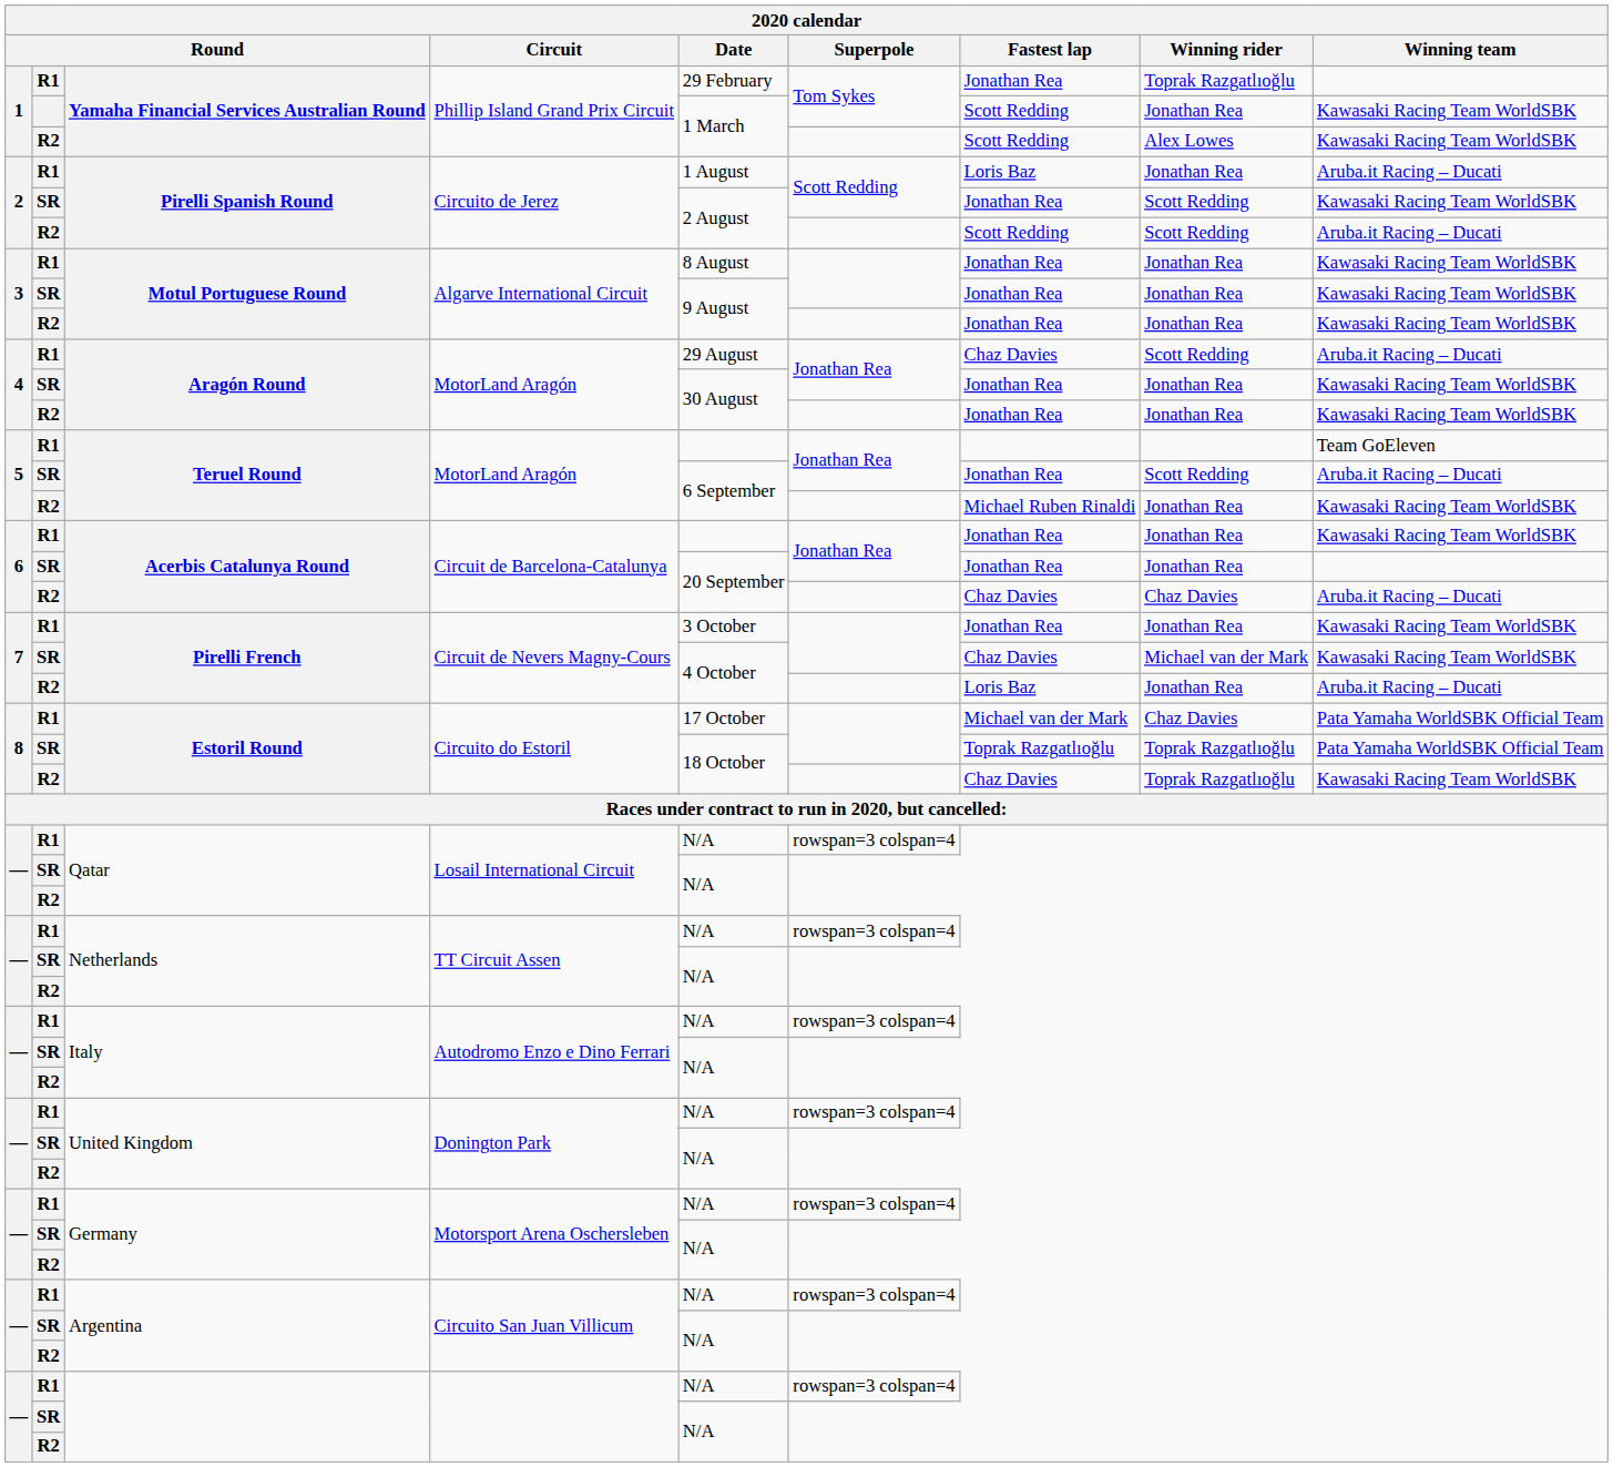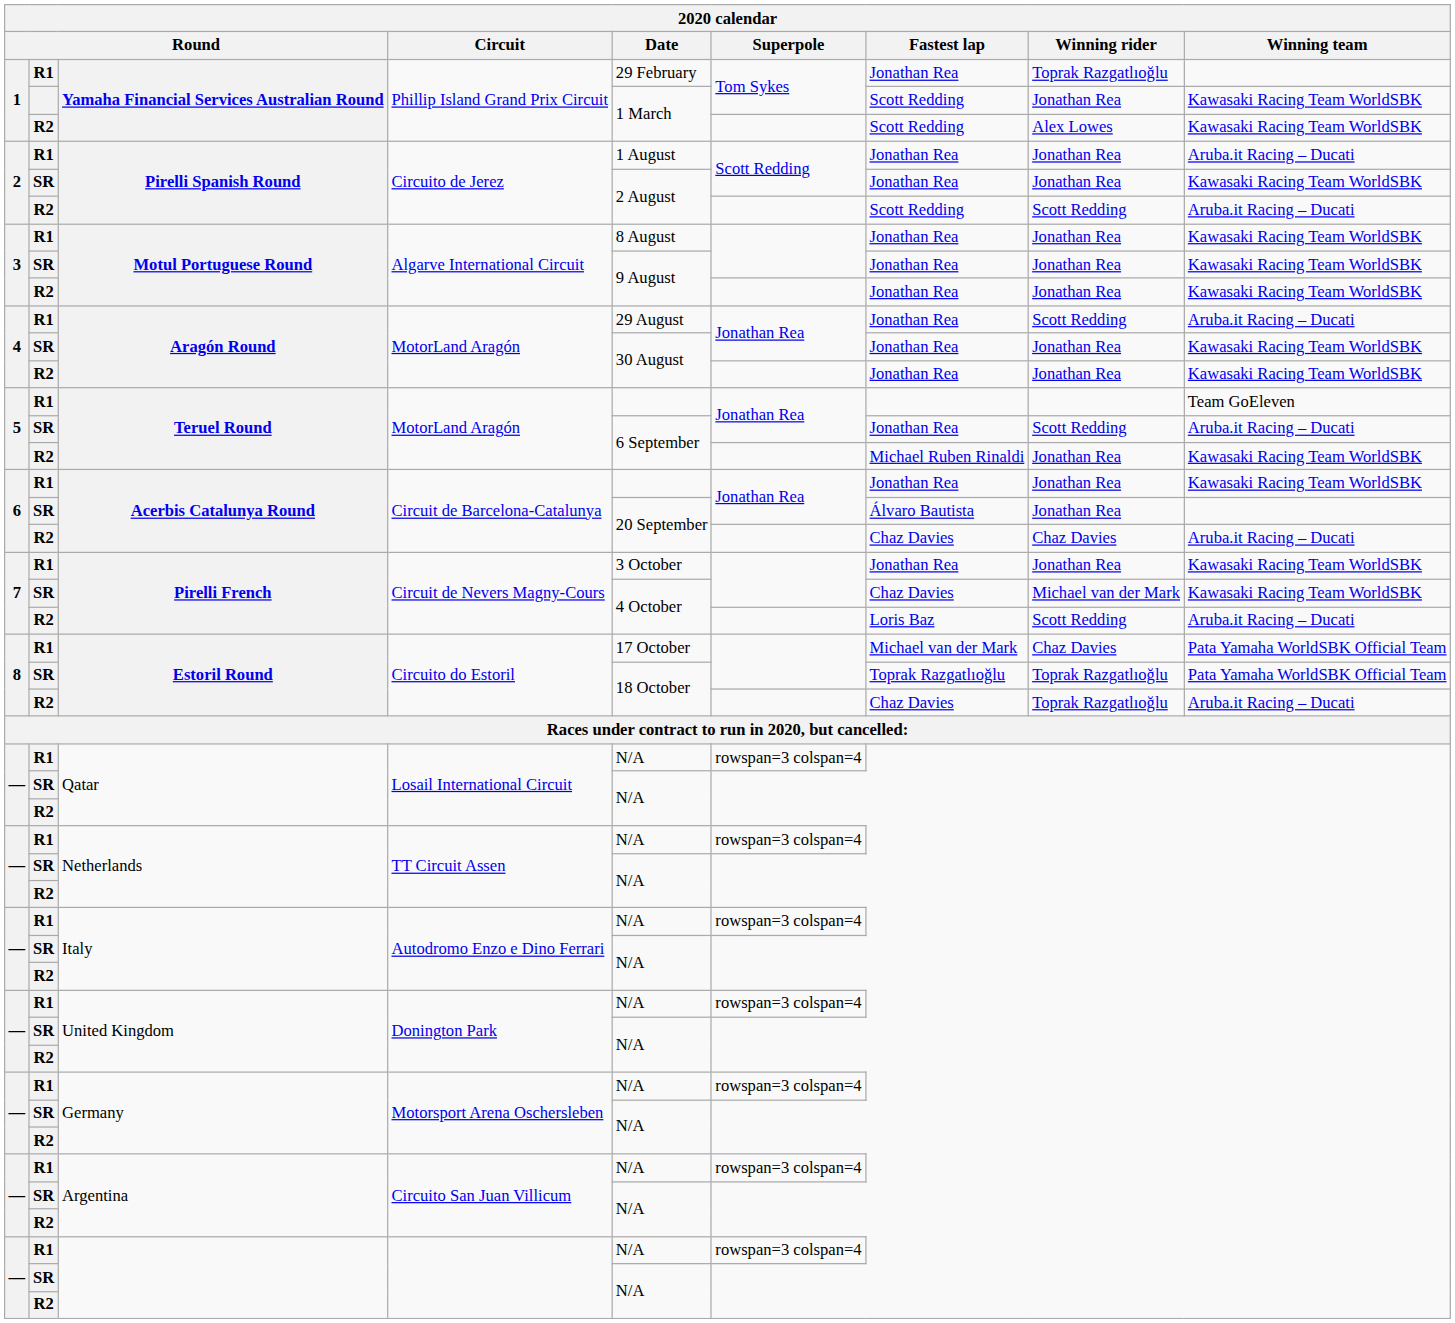 <table class="wikitable" style="font-size: 85%">
 <tr>
 <th colspan=9>2020 calendar</th>
 </tr>
 <tr>
 <th colspan=3>Round</th>
 <th>Circuit</th>
 <th>Date</th>
 <th>Superpole</th>
 <th>Fastest lap</th>
 <th>Winning rider</th>
 <th>Winning team</th>
 </tr>
 <tr>
 <th rowspan=3>1</th>
 <th>R1</th>
 <th rowspan=3 nowrap> <a href='#'>Yamaha Financial Services Australian Round</a></th>
 <td rowspan=3><a href='#'>Phillip Island Grand Prix Circuit</a></td>
 <td>29 February</td>
 <td rowspan=2> <a href='#'>Tom Sykes</a></td>
 <td> <a href='#'>Jonathan Rea</a></td>
 <td> <a href='#'>Toprak Razgatlıoğlu</a></td>
 <td></td>
 </tr>
 <tr>
 <th></th>
 <td rowspan=2>1 March</td>
 <td> <a href='#'>Scott Redding</a></td>
 <td> <a href='#'>Jonathan Rea</a></td>
 <td><a href='#'>Kawasaki Racing Team WorldSBK</a></td>
 </tr>
 <tr>
 <th>R2</th>
 <td></td>
 <td> <a href='#'>Scott Redding</a></td>
 <td> <a href='#'>Alex Lowes</a></td>
 <td><a href='#'>Kawasaki Racing Team WorldSBK</a></td>
 </tr>
 <tr>
 <th rowspan=3>2</th>
 <th>R1</th>
 <th rowspan=3> <a href='#'>Pirelli Spanish Round</a></th>
 <td rowspan=3><a href='#'>Circuito de Jerez</a></td>
 <td>1 August</td>
 <td rowspan=2> <a href='#'>Scott Redding</a></td>
-<td> <a href='#'>Loris Baz</a></td>
+<td> <a href='#'>Jonathan Rea</a></td>
 <td> <a href='#'>Jonathan Rea</a></td>
 <td><a href='#'>Aruba.it Racing – Ducati</a></td>
 </tr>
 <tr>
 <th>SR</th>
 <td rowspan=2>2 August</td>
 <td> <a href='#'>Jonathan Rea</a></td>
-<td> <a href='#'>Scott Redding</a></td>
+<td> <a href='#'>Jonathan Rea</a></td>
 <td><a href='#'>Kawasaki Racing Team WorldSBK</a></td>
 </tr>
 <tr>
 <th>R2</th>
 <td></td>
 <td> <a href='#'>Scott Redding</a></td>
 <td> <a href='#'>Scott Redding</a></td>
 <td><a href='#'>Aruba.it Racing – Ducati</a></td>
 </tr>
 <tr>
 <th rowspan=3>3</th>
 <th>R1</th>
 <th rowspan=3> <a href='#'>Motul Portuguese Round</a></th>
 <td rowspan=3><a href='#'>Algarve International Circuit</a></td>
 <td>8 August</td>
 <td rowspan=2></td>
 <td> <a href='#'>Jonathan Rea</a></td>
 <td> <a href='#'>Jonathan Rea</a></td>
 <td><a href='#'>Kawasaki Racing Team WorldSBK</a></td>
 </tr>
 <tr>
 <th>SR</th>
 <td rowspan=2>9 August</td>
 <td> <a href='#'>Jonathan Rea</a></td>
 <td> <a href='#'>Jonathan Rea</a></td>
 <td><a href='#'>Kawasaki Racing Team WorldSBK</a></td>
 </tr>
 <tr>
 <th>R2</th>
 <td></td>
 <td> <a href='#'>Jonathan Rea</a></td>
 <td> <a href='#'>Jonathan Rea</a></td>
 <td><a href='#'>Kawasaki Racing Team WorldSBK</a></td>
 </tr>
 <tr>
 <th rowspan=3>4</th>
 <th>R1</th>
 <th rowspan=3> <a href='#'>Aragón Round</a></th>
 <td rowspan=3><a href='#'>MotorLand Aragón</a></td>
 <td>29 August</td>
 <td rowspan=2> <a href='#'>Jonathan Rea</a></td>
-<td> <a href='#'>Chaz Davies</a></td>
+<td> <a href='#'>Jonathan Rea</a></td>
 <td> <a href='#'>Scott Redding</a></td>
 <td><a href='#'>Aruba.it Racing – Ducati</a></td>
 </tr>
 <tr>
 <th>SR</th>
 <td rowspan=2>30 August</td>
 <td> <a href='#'>Jonathan Rea</a></td>
 <td> <a href='#'>Jonathan Rea</a></td>
 <td><a href='#'>Kawasaki Racing Team WorldSBK</a></td>
 </tr>
 <tr>
 <th>R2</th>
 <td></td>
 <td> <a href='#'>Jonathan Rea</a></td>
 <td> <a href='#'>Jonathan Rea</a></td>
 <td><a href='#'>Kawasaki Racing Team WorldSBK</a></td>
 </tr>
 <tr>
 <th rowspan=3>5</th>
 <th>R1</th>
 <th rowspan=3> <a href='#'>Teruel Round</a></th>
 <td rowspan=3><a href='#'>MotorLand Aragón</a></td>
 <td></td>
 <td rowspan=2> <a href='#'>Jonathan Rea</a></td>
 <td></td>
 <td></td>
 <td>Team GoEleven</td>
 </tr>
 <tr>
 <th>SR</th>
 <td rowspan=2>6 September</td>
 <td> <a href='#'>Jonathan Rea</a></td>
 <td> <a href='#'>Scott Redding</a></td>
 <td><a href='#'>Aruba.it Racing – Ducati</a></td>
 </tr>
 <tr>
 <th>R2</th>
 <td></td>
 <td> <a href='#'>Michael Ruben Rinaldi</a></td>
 <td> <a href='#'>Jonathan Rea</a></td>
 <td><a href='#'>Kawasaki Racing Team WorldSBK</a></td>
 </tr>
 <tr>
 <th rowspan=3>6</th>
 <th>R1</th>
 <th rowspan=3> <a href='#'>Acerbis Catalunya Round</a></th>
 <td rowspan=3><a href='#'>Circuit de Barcelona-Catalunya</a></td>
 <td></td>
 <td rowspan=2> <a href='#'>Jonathan Rea</a></td>
 <td> <a href='#'>Jonathan Rea</a></td>
 <td> <a href='#'>Jonathan Rea</a></td>
 <td><a href='#'>Kawasaki Racing Team WorldSBK</a></td>
 </tr>
 <tr>
 <th>SR</th>
 <td rowspan=2>20 September</td>
-<td> <a href='#'>Jonathan Rea</a></td>
+<td> <a href='#'>Álvaro Bautista</a></td>
 <td> <a href='#'>Jonathan Rea</a></td>
 <td></td>
 </tr>
 <tr>
 <th>R2</th>
 <td></td>
 <td> <a href='#'>Chaz Davies</a></td>
 <td> <a href='#'>Chaz Davies</a></td>
 <td><a href='#'>Aruba.it Racing – Ducati</a></td>
 </tr>
 <tr>
 <th rowspan=3>7</th>
 <th>R1</th>
 <th rowspan=3> <a href='#'>Pirelli French</a></th>
 <td rowspan=3><a href='#'>Circuit de Nevers Magny-Cours</a></td>
 <td>3 October</td>
 <td rowspan=2></td>
 <td> <a href='#'>Jonathan Rea</a></td>
 <td> <a href='#'>Jonathan Rea</a></td>
 <td><a href='#'>Kawasaki Racing Team WorldSBK</a></td>
 </tr>
 <tr>
 <th>SR</th>
 <td rowspan=2>4 October</td>
 <td> <a href='#'>Chaz Davies</a></td>
 <td> <a href='#'>Michael van der Mark</a></td>
 <td><a href='#'>Kawasaki Racing Team WorldSBK</a></td>
 </tr>
 <tr>
 <th>R2</th>
 <td></td>
 <td> <a href='#'>Loris Baz</a></td>
-<td> <a href='#'>Jonathan Rea</a></td>
+<td> <a href='#'>Scott Redding</a></td>
 <td><a href='#'>Aruba.it Racing – Ducati</a></td>
 </tr>
 <tr>
 <th rowspan=3>8</th>
 <th>R1</th>
 <th rowspan=3> <a href='#'>Estoril Round</a></th>
 <td rowspan=3><a href='#'>Circuito do Estoril</a></td>
 <td>17 October</td>
 <td rowspan=2></td>
 <td> <a href='#'>Michael van der Mark</a></td>
 <td> <a href='#'>Chaz Davies</a></td>
 <td><a href='#'>Pata Yamaha WorldSBK Official Team</a></td>
 </tr>
 <tr>
 <th>SR</th>
 <td rowspan=2>18 October</td>
 <td> <a href='#'>Toprak Razgatlıoğlu</a></td>
 <td> <a href='#'>Toprak Razgatlıoğlu</a></td>
 <td><a href='#'>Pata Yamaha WorldSBK Official Team</a></td>
 </tr>
 <tr>
 <th>R2</th>
 <td></td>
 <td> <a href='#'>Chaz Davies</a></td>
 <td> <a href='#'>Toprak Razgatlıoğlu</a></td>
-<td><a href='#'>Kawasaki Racing Team WorldSBK</a></td>
+<td><a href='#'>Aruba.it Racing – Ducati</a></td>
 </tr>
 <tr>
 <th colspan=9>Races under contract to run in 2020, but cancelled:</th>
 </tr>
 <tr>
 <th rowspan=3>—</th>
 <th>R1</th>
 <td rowspan=3> Qatar</td>
 <td rowspan=3><a href='#'>Losail International Circuit</a></td>
 <td>N/A</td>
 <td>rowspan=3 colspan=4 </td>
 </tr>
 <tr>
 <th>SR</th>
 <td rowspan=2>N/A</td>
 </tr>
 <tr>
 <th>R2</th>
 </tr>
 <tr>
 <th rowspan=3>—</th>
 <th>R1</th>
 <td rowspan=3> Netherlands</td>
 <td rowspan=3><a href='#'>TT Circuit Assen</a></td>
 <td>N/A</td>
 <td>rowspan=3 colspan=4 </td>
 </tr>
 <tr>
 <th>SR</th>
 <td rowspan=2>N/A</td>
 </tr>
 <tr>
 <th>R2</th>
 </tr>
 <tr>
 <th rowspan=3>—</th>
 <th>R1</th>
 <td rowspan=3> Italy</td>
 <td rowspan=3><a href='#'>Autodromo Enzo e Dino Ferrari</a></td>
 <td>N/A</td>
 <td>rowspan=3 colspan=4 </td>
 </tr>
 <tr>
 <th>SR</th>
 <td rowspan=2>N/A</td>
 </tr>
 <tr>
 <th>R2</th>
 </tr>
 <tr>
 <th rowspan=3>—</th>
 <th>R1</th>
 <td rowspan=3> United Kingdom</td>
 <td rowspan=3><a href='#'>Donington Park</a></td>
 <td>N/A</td>
 <td>rowspan=3 colspan=4 </td>
 </tr>
 <tr>
 <th>SR</th>
 <td rowspan=2>N/A</td>
 </tr>
 <tr>
 <th>R2</th>
 </tr>
 <tr>
 <th rowspan=3>—</th>
 <th>R1</th>
 <td rowspan=3> Germany</td>
 <td rowspan=3><a href='#'>Motorsport Arena Oschersleben</a></td>
 <td>N/A</td>
 <td>rowspan=3 colspan=4 </td>
 </tr>
 <tr>
 <th>SR</th>
 <td rowspan=2>N/A</td>
 </tr>
 <tr>
 <th>R2</th>
 </tr>
 <tr>
 <th rowspan=3>—</th>
 <th>R1</th>
 <td rowspan=3> Argentina</td>
 <td rowspan=3><a href='#'>Circuito San Juan Villicum</a></td>
 <td>N/A</td>
 <td>rowspan=3 colspan=4 </td>
 </tr>
 <tr>
 <th>SR</th>
 <td rowspan=2>N/A</td>
 </tr>
 <tr>
 <th>R2</th>
 </tr>
 <tr>
 <th rowspan=3>—</th>
 <th>R1</th>
 <td rowspan=3></td>
 <td rowspan=3></td>
 <td>N/A</td>
 <td>rowspan=3 colspan=4 </td>
 </tr>
 <tr>
 <th>SR</th>
 <td rowspan=2>N/A</td>
 </tr>
 <tr>
 <th>R2</th>
 </tr>
 </table>
